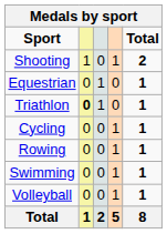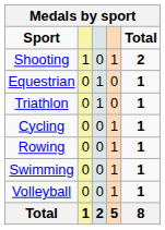 <table class="wikitable" style=font-size:85%;float:center;text-align:center>
 <tr style="background:#efefef;">
 <th colspan=5><strong>Medals by sport</strong></th>
 </tr>
 <tr align=center>
 <td><strong>Sport</strong></td>
 <td bgcolor=#f7f6a8></td>
 <td bgcolor=#dce5e5></td>
 <td bgcolor=#ffdab9></td>
 <td><strong>Total</strong></td>
 </tr>
 <tr align=center>
 <td><a href='#'>Shooting</a></td>
 <td style="background:#F7F6A8;">1</td>
 <td style="background:#DCE5E5;">0</td>
 <td style="background:#FFDAB9;">1</td>
 <td><strong>2</strong></td>
 </tr>
 <tr align=center>
 <td><a href='#'>Equestrian</a></td>
 <td style="background:#F7F6A8;">0</td>
 <td style="background:#DCE5E5;">1</td>
 <td style="background:#FFDAB9;">0</td>
 <td><strong>1</strong></td>
 </tr>
 <tr align=center>
 <td><a href='#'>Triathlon</a></td>
-<td style="background:#F7F6A8;"><strong>0</strong></td>
+<td style="background:#F7F6A8;">0</td>
 <td style="background:#DCE5E5;">1</td>
 <td style="background:#FFDAB9;">0</td>
 <td><strong>1</strong></td>
 </tr>
 <tr align=center>
 <td><a href='#'>Cycling</a></td>
 <td style="background:#F7F6A8;">0</td>
 <td style="background:#DCE5E5;">0</td>
 <td style="background:#FFDAB9;">1</td>
 <td><strong>1</strong></td>
 </tr>
 <tr align=center>
 <td><a href='#'>Rowing</a></td>
 <td style="background:#F7F6A8;">0</td>
 <td style="background:#DCE5E5;">0</td>
 <td style="background:#FFDAB9;">1</td>
 <td><strong>1</strong></td>
 </tr>
 <tr align=center>
 <td><a href='#'>Swimming</a></td>
 <td style="background:#F7F6A8;">0</td>
 <td style="background:#DCE5E5;">0</td>
 <td style="background:#FFDAB9;">1</td>
 <td><strong>1</strong></td>
 </tr>
 <tr align=center>
 <td><a href='#'>Volleyball</a></td>
 <td style="background:#F7F6A8;">0</td>
 <td style="background:#DCE5E5;">0</td>
 <td style="background:#FFDAB9;">1</td>
 <td><strong>1</strong></td>
 </tr>
 <tr>
 <th><strong>Total</strong></th>
 <th style="background:#F7F6A8;">1</th>
 <th style="background:#DCE5E5;">2</th>
 <th style="background:#FFDAB9;">5</th>
 <th><strong>8</strong></th>
 </tr>
 </table>
